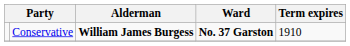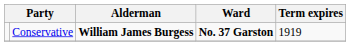 <table class="wikitable">
 <tr>
 <th colspan="2">Party</th>
 <th>Alderman</th>
 <th>Ward</th>
 <th>Term expires</th>
 </tr>
 <tr>
 <td style="background-color:"></td>
 <td><a href='#'>Conservative</a></td>
 <td><strong>William James Burgess</strong></td>
 <td><strong>No. 37 Garston</strong></td>
-<td>1910</td>
+<td>1919</td>
 </tr>
 <tr>
 </tr>
 </table>
